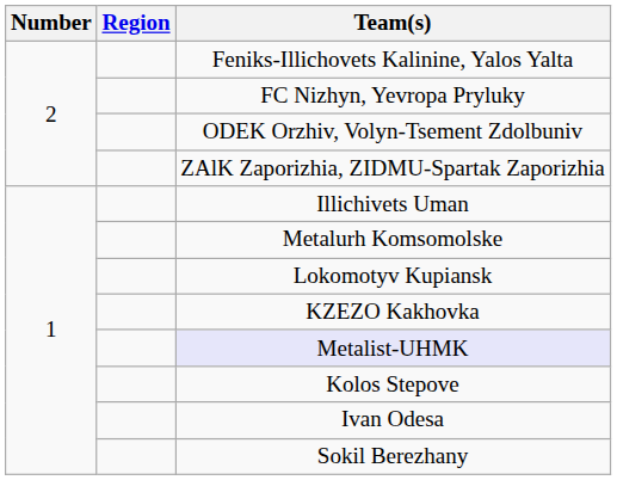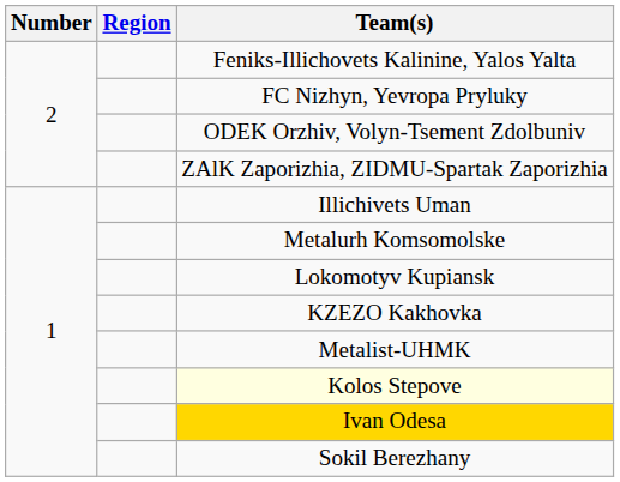 <table class="wikitable" style="text-align:center">
 <tr>
 <th>Number</th>
 <th><a href='#'>Region</a></th>
 <th>Team(s)</th>
 </tr>
 <tr>
 <td rowspan="4">2</td>
 <td align="left"></td>
 <td>Feniks-Illichovets Kalinine, Yalos Yalta</td>
 </tr>
 <tr>
 <td align="left"></td>
 <td>FC Nizhyn, Yevropa Pryluky</td>
 </tr>
 <tr>
 <td align="left"></td>
 <td>ODEK Orzhiv, Volyn-Tsement Zdolbuniv</td>
 </tr>
 <tr>
 <td align="left"></td>
 <td>ZAlK Zaporizhia, ZIDMU-Spartak Zaporizhia</td>
 </tr>
 <tr>
 <td rowspan="16">1</td>
 <td align="left"></td>
 <td>Illichivets Uman</td>
 </tr>
 <tr>
 <td align="left"></td>
 <td>Metalurh Komsomolske</td>
 </tr>
 <tr>
 <td align="left"></td>
 <td>Lokomotyv Kupiansk</td>
 </tr>
 <tr>
 <td align="left"></td>
 <td>KZEZO Kakhovka</td>
 </tr>
 <tr>
 <td align="left"></td>
-<td style="background: lavender;">Metalist-UHMK</td>
+<td>Metalist-UHMK</td>
 </tr>
 <tr>
 <td align="left"></td>
-<td>Kolos Stepove</td>
+<td style="background: lightyellow;">Kolos Stepove</td>
 </tr>
 <tr>
 <td align="left"></td>
-<td>Ivan Odesa</td>
+<td style="background: gold;">Ivan Odesa</td>
 </tr>
 <tr>
 <td align="left"></td>
 <td>Sokil Berezhany</td>
 </tr>
 </table>
